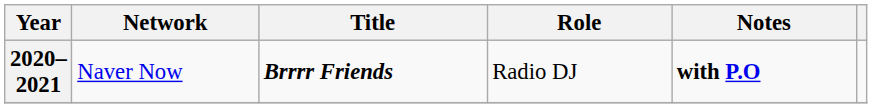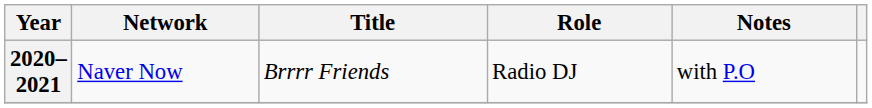 <table class="wikitable sortable plainrowheaders">
 <tr>
 <th>Year</th>
 <th style="width:8em;">Network</th>
 <th style="width:10em;">Title</th>
 <th style="width:8em;">Role</th>
 <th style="width:8em;">Notes</th>
 <th scope="col" class="unsortable"></th>
 </tr>
 <tr>
 <th scope="row">2020–2021</th>
 <td><a href='#'>Naver Now</a></td>
-<td><strong><em>Brrrr Friends</em></strong></td>
+<td><em>Brrrr Friends</em></td>
 <td>Radio DJ</td>
-<td><strong>with <a href='#'>P.O</a></strong></td>
+<td>with <a href='#'>P.O</a></td>
 <td style="text-align:center;"></td>
 </tr>
 <tr>
 </tr>
 </table>
